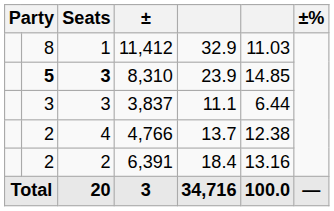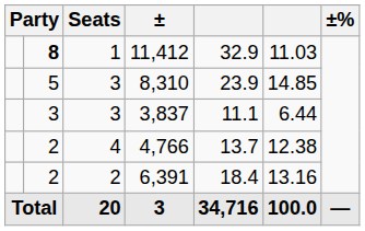 <table class="wikitable sortable" border="1">
 <tr>
 <th colspan=2 align=center>Party</th>
 <th>Seats</th>
 <th>±</th>
 <th></th>
 <th></th>
 <th>±%</th>
 </tr>
 <tr>
 <td></td>
-<td align=right>8</td>
+<td align=right><strong>8</strong></td>
 <td align=right>1</td>
 <td align=right>11,412</td>
 <td align=right>32.9</td>
 <td align=right>11.03</td>
 </tr>
 <tr>
 <td></td>
-<td align=right><strong>5</strong></td>
-<td align=right><strong>3</strong></td>
+<td align=right>5</td>
+<td align=right>3</td>
 <td align=right>8,310</td>
 <td align=right>23.9</td>
 <td align=right>14.85</td>
 </tr>
 <tr>
 <td></td>
 <td align=right>3</td>
 <td align=right>3</td>
 <td align=right>3,837</td>
 <td align=right>11.1</td>
 <td align=right>6.44</td>
 </tr>
 <tr>
 <td></td>
 <td align=right>2</td>
 <td align=right>4</td>
 <td align=right>4,766</td>
 <td align=right>13.7</td>
 <td align=right>12.38</td>
 </tr>
 <tr>
 <td></td>
 <td align=right>2</td>
 <td align=right>2</td>
 <td align=right>6,391</td>
 <td align=right>18.4</td>
 <td align=right>13.16</td>
 </tr>
 <tr style="font-weight:bold; background:rgb(232,232,232);">
 <td colspan=2 align=center>Total</td>
 <td align=right>20</td>
 <td align=center>3</td>
 <td align=right>34,716</td>
 <td align=center>100.0</td>
 <td align=center>—</td>
 </tr>
 </table>
